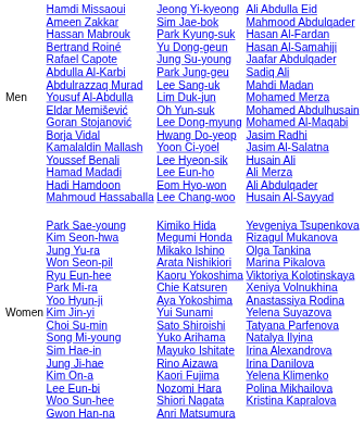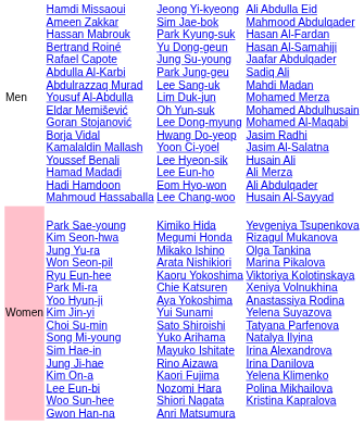 <table>
 <tr>
 <td>Men<br></td>
 <td><br><a href='#'>Hamdi Missaoui</a><br><a href='#'>Ameen Zakkar</a><br><a href='#'>Hassan Mabrouk</a><br><a href='#'>Bertrand Roiné</a><br><a href='#'>Rafael Capote</a><br><a href='#'>Abdulla Al-Karbi</a><br><a href='#'>Abdulrazzaq Murad</a><br><a href='#'>Yousuf Al-Abdulla</a><br><a href='#'>Eldar Memišević</a><br><a href='#'>Goran Stojanović</a><br><a href='#'>Borja Vidal</a><br><a href='#'>Kamalaldin Mallash</a><br><a href='#'>Youssef Benali</a><br><a href='#'>Hamad Madadi</a><br><a href='#'>Hadi Hamdoon</a><br><a href='#'>Mahmoud Hassaballa</a></td>
 <td><br><a href='#'>Jeong Yi-kyeong</a><br><a href='#'>Sim Jae-bok</a><br><a href='#'>Park Kyung-suk</a><br><a href='#'>Yu Dong-geun</a><br><a href='#'>Jung Su-young</a><br><a href='#'>Park Jung-geu</a><br><a href='#'>Lee Sang-uk</a><br><a href='#'>Lim Duk-jun</a><br><a href='#'>Oh Yun-suk</a><br><a href='#'>Lee Dong-myung</a><br><a href='#'>Hwang Do-yeop</a><br><a href='#'>Yoon Ci-yoel</a><br><a href='#'>Lee Hyeon-sik</a><br><a href='#'>Lee Eun-ho</a><br><a href='#'>Eom Hyo-won</a><br><a href='#'>Lee Chang-woo</a></td>
 <td><br><a href='#'>Ali Abdulla Eid</a><br><a href='#'>Mahmood Abdulqader</a><br><a href='#'>Hasan Al-Fardan</a><br><a href='#'>Hasan Al-Samahiji</a><br><a href='#'>Jaafar Abdulqader</a><br><a href='#'>Sadiq Ali</a><br><a href='#'>Mahdi Madan</a><br><a href='#'>Mohamed Merza</a><br><a href='#'>Mohamed Abdulhusain</a><br><a href='#'>Mohamed Al-Maqabi</a><br><a href='#'>Jasim Radhi</a><br><a href='#'>Jasim Al-Salatna</a><br><a href='#'>Husain Ali</a><br><a href='#'>Ali Merza</a><br><a href='#'>Ali Abdulqader</a><br><a href='#'>Husain Al-Sayyad</a></td>
 </tr>
 <tr>
-<td>Women<br></td>
+<td style="background: pink;">Women<br></td>
 <td><br><a href='#'>Park Sae-young</a><br><a href='#'>Kim Seon-hwa</a><br><a href='#'>Jung Yu-ra</a><br><a href='#'>Won Seon-pil</a><br><a href='#'>Ryu Eun-hee</a><br><a href='#'>Park Mi-ra</a><br><a href='#'>Yoo Hyun-ji</a><br><a href='#'>Kim Jin-yi</a><br><a href='#'>Choi Su-min</a><br><a href='#'>Song Mi-young</a><br><a href='#'>Sim Hae-in</a><br><a href='#'>Jung Ji-hae</a><br><a href='#'>Kim On-a</a><br><a href='#'>Lee Eun-bi</a><br><a href='#'>Woo Sun-hee</a><br><a href='#'>Gwon Han-na</a></td>
 <td><br><a href='#'>Kimiko Hida</a><br><a href='#'>Megumi Honda</a><br><a href='#'>Mikako Ishino</a><br><a href='#'>Arata Nishikiori</a><br><a href='#'>Kaoru Yokoshima</a><br><a href='#'>Chie Katsuren</a><br><a href='#'>Aya Yokoshima</a><br><a href='#'>Yui Sunami</a><br><a href='#'>Sato Shiroishi</a><br><a href='#'>Yuko Arihama</a><br><a href='#'>Mayuko Ishitate</a><br><a href='#'>Rino Aizawa</a><br><a href='#'>Kaori Fujima</a><br><a href='#'>Nozomi Hara</a><br><a href='#'>Shiori Nagata</a><br><a href='#'>Anri Matsumura</a></td>
 <td valign=top><br><a href='#'>Yevgeniya Tsupenkova</a><br><a href='#'>Rizagul Mukanova</a><br><a href='#'>Olga Tankina</a><br><a href='#'>Marina Pikalova</a><br><a href='#'>Viktoriya Kolotinskaya</a><br><a href='#'>Xeniya Volnukhina</a><br><a href='#'>Anastassiya Rodina</a><br><a href='#'>Yelena Suyazova</a><br><a href='#'>Tatyana Parfenova</a><br><a href='#'>Natalya Ilyina</a><br><a href='#'>Irina Alexandrova</a><br><a href='#'>Irina Danilova</a><br><a href='#'>Yelena Klimenko</a><br><a href='#'>Polina Mikhailova</a><br><a href='#'>Kristina Kapralova</a></td>
 </tr>
 </table>
